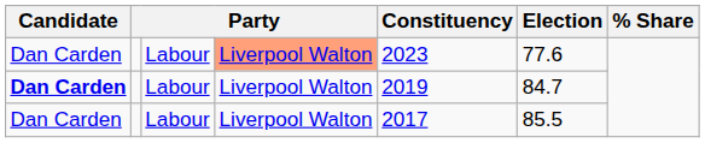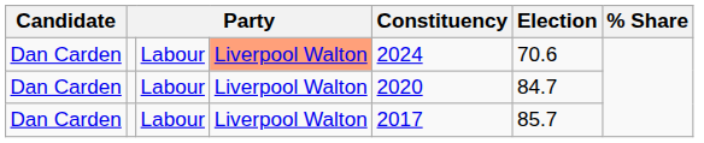 <table class="wikitable sortable">
 <tr>
 <th>Candidate</th>
 <th colspan="3">Party</th>
 <th>Constituency</th>
 <th>Election</th>
 <th>% Share</th>
 </tr>
 <tr>
 <td rowspan="1" scope="row" style="text-align: left;"><a href='#'>Dan Carden</a></td>
 <td></td>
 <td rowspan="1" scope="row" style="text-align: left;"><a href='#'>Labour</a></td>
 <td rowspan="1" style="background: lightsalmon;"><a href='#'>Liverpool Walton</a></td>
-<td><a href='#'>2023</a></td>
-<td>77.6</td>
+<td><a href='#'>2024</a></td>
+<td>70.6</td>
 </tr>
 <tr>
-<td rowspan="1" scope="row" style="text-align: left;"><strong><a href='#'>Dan Carden</a></strong></td>
+<td rowspan="1" scope="row" style="text-align: left;"><a href='#'>Dan Carden</a></td>
 <td></td>
 <td rowspan="1" scope="row" style="text-align: left;"><a href='#'>Labour</a></td>
 <td rowspan="1"><a href='#'>Liverpool Walton</a></td>
-<td><a href='#'>2019</a></td>
+<td><a href='#'>2020</a></td>
 <td>84.7</td>
 </tr>
 <tr>
 <td rowspan="1" scope="row" style="text-align: left;"><a href='#'>Dan Carden</a></td>
 <td></td>
 <td rowspan="1" scope="row" style="text-align: left;"><a href='#'>Labour</a></td>
 <td rowspan="1"><a href='#'>Liverpool Walton</a></td>
 <td><a href='#'>2017</a></td>
-<td>85.5</td>
+<td>85.7</td>
 </tr>
 </table>
